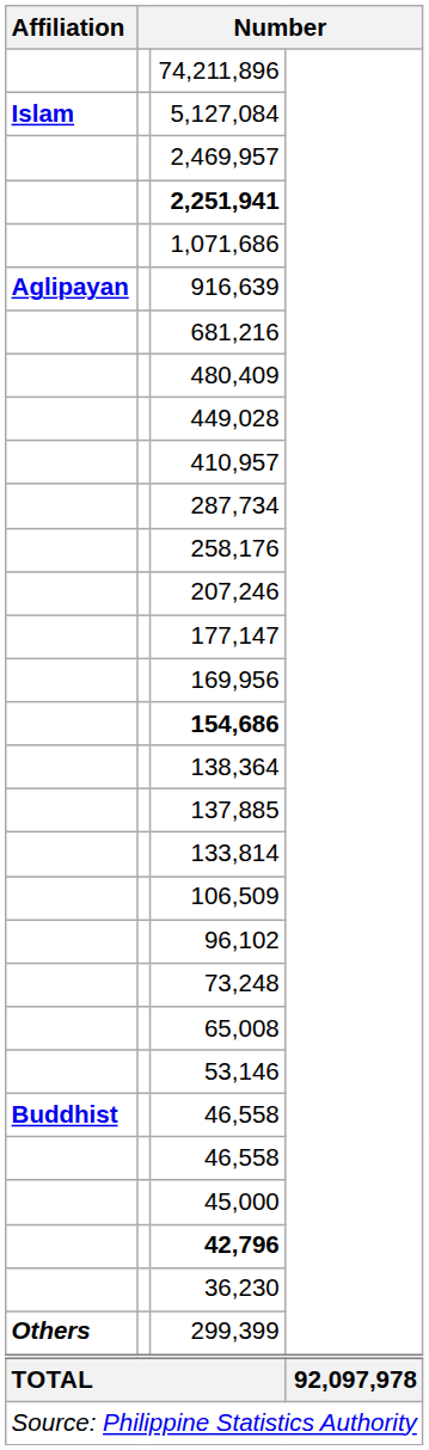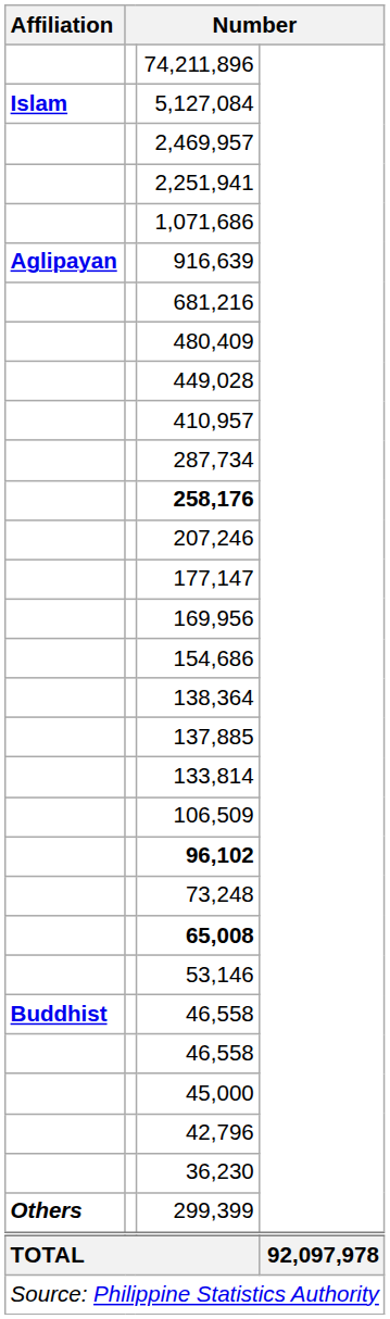 <table class="wikitable sortable" style="text-align:right;font-size:85%;background-color:white;line-height:1.30em;">
 <tr>
 <th scope="col" style="text-align:left;">Affiliation</th>
 <th scope="col" style="text-align:center;" colspan="3">Number</th>
 </tr>
 <tr>
 <th scope="row" style="text-align:left;background-color:initial;"></th>
 <td style="font-weight:bold;"></td>
 <td>74,211,896</td>
 </tr>
 <tr>
 <th scope="row" style="text-align:left;background-color:initial;"><a href='#'>Islam</a></th>
 <td style="font-weight:bold;"></td>
 <td>5,127,084</td>
 </tr>
 <tr class="sortbottom">
 <th scope="row" style="text-align:left;background-color:initial;"></th>
 <td style="font-weight:bold;"></td>
 <td>2,469,957</td>
 </tr>
 <tr>
 <th scope="row" style="text-align:left;background-color:initial;"></th>
 <td style="font-weight:bold;"></td>
-<td><strong>2,251,941</strong></td>
+<td>2,251,941</td>
 </tr>
 <tr class="sortbottom">
 <th scope="row" style="text-align:left;background-color:initial;"></th>
 <td style="font-weight:bold;"></td>
 <td>1,071,686</td>
 </tr>
 <tr>
 <th scope="row" style="text-align:left;background-color:initial;"><a href='#'>Aglipayan</a></th>
 <td style="font-weight:bold;"></td>
 <td>916,639</td>
 </tr>
 <tr>
 <th scope="row" style="text-align:left;background-color:initial;"></th>
 <td style="font-weight:bold;"></td>
 <td>681,216</td>
 </tr>
 <tr>
 <th scope="row" style="text-align:left;background-color:initial;"></th>
 <td style="font-weight:bold;"></td>
 <td>480,409</td>
 </tr>
 <tr>
 <th scope="row" style="text-align:left;background-color:initial;"></th>
 <td style="font-weight:bold;"></td>
 <td>449,028</td>
 </tr>
 <tr>
 <th scope="row" style="text-align:left;background-color:initial;"></th>
 <td style="font-weight:bold;"></td>
 <td>410,957</td>
 </tr>
 <tr class="sortbottom">
 <th scope="row" style="text-align:left;background-color:initial;"></th>
 <td style="font-weight:bold;"></td>
 <td>287,734</td>
 </tr>
 <tr>
 <th scope="row" style="text-align:left;background-color:initial;"></th>
 <td style="font-weight:bold;"></td>
-<td>258,176</td>
+<td><strong>258,176</strong></td>
 </tr>
 <tr>
 <th scope="row" style="text-align:left;background-color:initial;"></th>
 <td style="font-weight:bold;"></td>
 <td>207,246</td>
 </tr>
 <tr class="sortbottom">
 <th scope="row" style="text-align:left;background-color:initial;"></th>
 <td style="font-weight:bold;"></td>
 <td>177,147</td>
 </tr>
 <tr>
 <th scope="row" style="text-align:left;background-color:initial;"></th>
 <td style="font-weight:bold;"></td>
 <td>169,956</td>
 </tr>
 <tr class="sortbottom">
 <th scope="row" style="text-align:left;background-color:initial;"></th>
 <td style="font-weight:bold;"></td>
-<td><strong>154,686</strong></td>
+<td>154,686</td>
 </tr>
 <tr>
 <th scope="row" style="text-align:left;background-color:initial;"></th>
 <td style="font-weight:bold;"></td>
 <td>138,364</td>
 </tr>
 <tr>
 <th scope="row" style="text-align:left;background-color:initial;"></th>
 <td style="font-weight:bold;"></td>
 <td>137,885</td>
 </tr>
 <tr>
 <th scope="row" style="text-align:left;background-color:initial;"></th>
 <td style="font-weight:bold;"></td>
 <td>133,814</td>
 </tr>
 <tr>
 <th scope="row" style="text-align:left;background-color:initial;"></th>
 <td style="font-weight:bold;"></td>
 <td>106,509</td>
 </tr>
 <tr>
 <th scope="row" style="text-align:left;background-color:initial;"></th>
 <td style="font-weight:bold;"></td>
-<td>96,102</td>
+<td><strong>96,102</strong></td>
 </tr>
 <tr class="sortbottom">
 <th scope="row" style="text-align:left;background-color:initial;"></th>
 <td style="font-weight:bold;"></td>
 <td>73,248</td>
 </tr>
 <tr>
 <th scope="row" style="text-align:left;background-color:initial;"></th>
 <td style="font-weight:bold;"></td>
-<td>65,008</td>
+<td><strong>65,008</strong></td>
 </tr>
 <tr>
 <th scope="row" style="text-align:left;background-color:initial;"></th>
 <td style="font-weight:bold;"></td>
 <td>53,146</td>
 </tr>
 <tr>
 <th scope="row" style="text-align:left;background-color:initial;"><a href='#'>Buddhist</a></th>
 <td style="font-weight:bold;"></td>
 <td>46,558</td>
 </tr>
 <tr>
 <th scope="row" style="text-align:left;background-color:initial;"></th>
 <td style="font-weight:bold;"></td>
 <td>46,558</td>
 </tr>
 <tr>
 <th scope="row" style="text-align:left;background-color:initial;"></th>
 <td style="font-weight:bold;"></td>
 <td>45,000</td>
 </tr>
 <tr>
 <th scope="row" style="text-align:left;background-color:initial;"></th>
 <td style="font-weight:bold;"></td>
-<td><strong>42,796</strong></td>
+<td>42,796</td>
 </tr>
 <tr>
 <th scope="row" style="text-align:left;background-color:initial;"></th>
 <td style="font-weight:bold;"></td>
 <td>36,230</td>
 </tr>
 <tr class="sortbottom">
 <th scope="row" style="text-align:left;background-color:initial;"><em>Others</em></th>
 <td style="font-weight:bold;"></td>
 <td>299,399</td>
 </tr>
 <tr class="sortbottom" style="border-top:double gray;">
 <th scope="col" style="text-align:left;letter-spacing:0.02em;" colspan="3">TOTAL</th>
 <th scope="col" style="text-align:right;">92,097,978</th>
 </tr>
 <tr class="sortbottom">
 <td style="font-style:italic;" colspan="4">Source: <a href='#'>Philippine Statistics Authority</a></td>
 </tr>
 </table>
